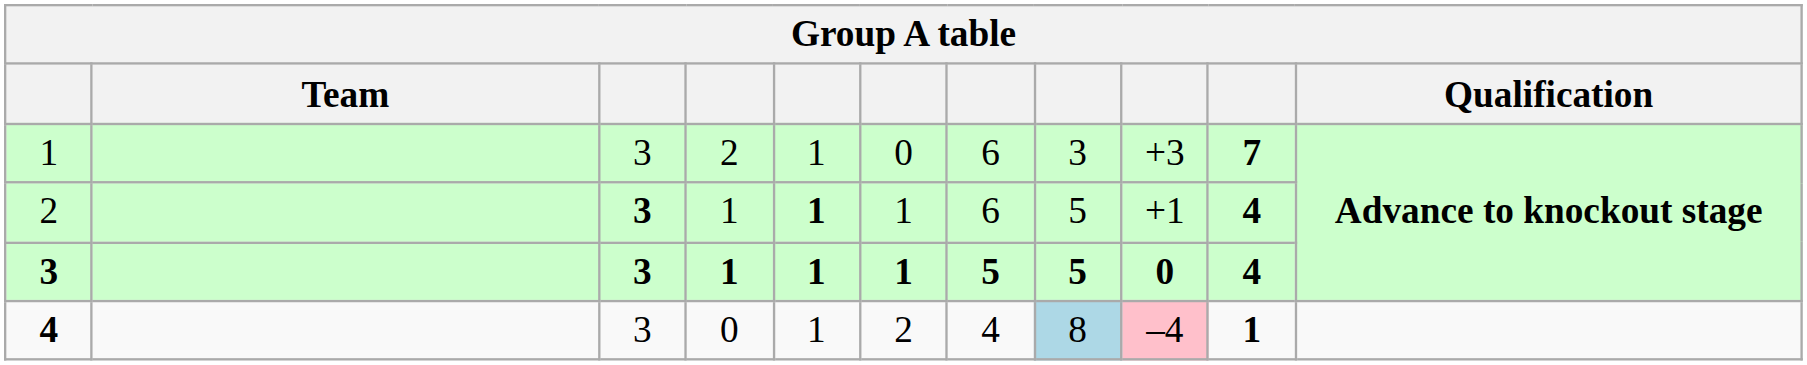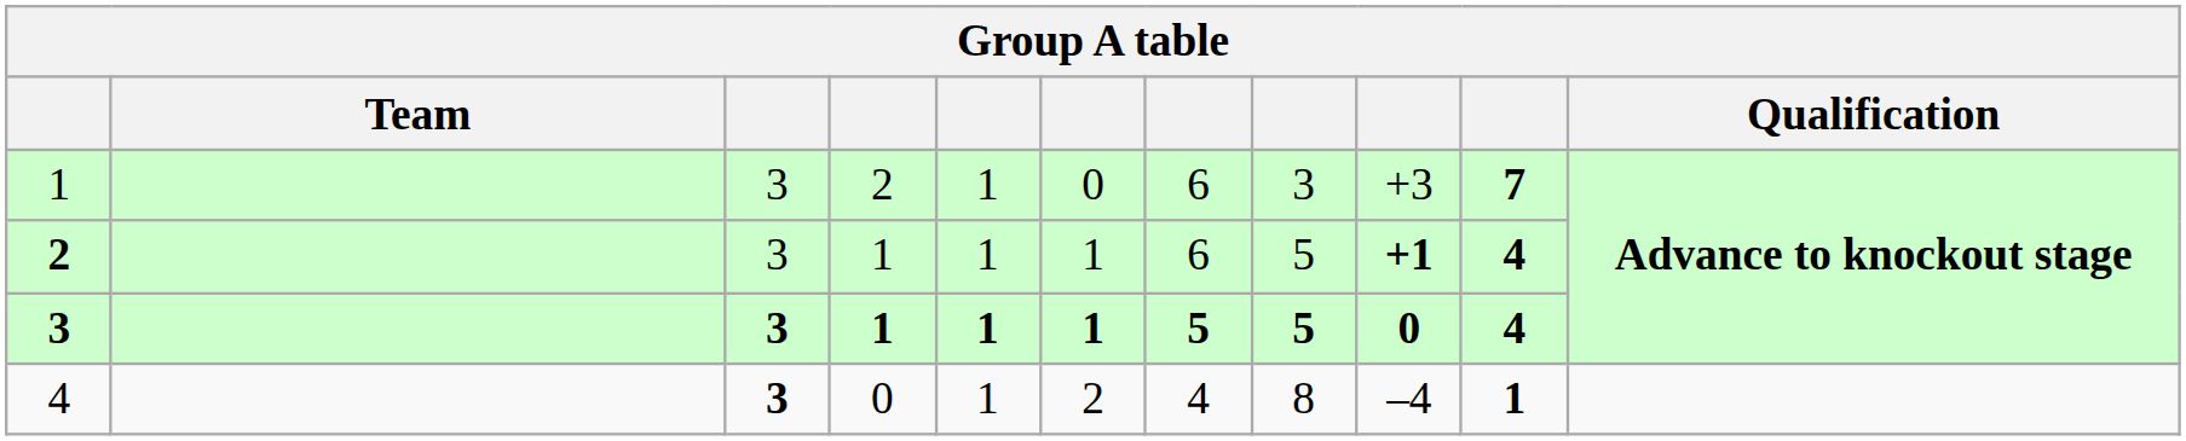 <table class="wikitable" style="text-align: center;">
 <tr>
 <th colspan="11">Group A table</th>
 </tr>
 <tr>
 <th width=30></th>
 <th width="210">Team</th>
 <th width=30></th>
 <th width=30></th>
 <th width=30></th>
 <th width=30></th>
 <th width=30></th>
 <th width=30></th>
 <th width=30></th>
 <th width=30></th>
 <th width=210>Qualification</th>
 </tr>
 <tr bgcolor=#ccffcc>
 <td>1</td>
 <td align="left"></td>
 <td>3</td>
 <td>2</td>
 <td>1</td>
 <td>0</td>
 <td>6</td>
 <td>3</td>
 <td>+3</td>
 <td><strong>7</strong></td>
 <td rowspan="3"><strong>Advance to knockout stage</strong></td>
 </tr>
 <tr bgcolor=#ccffcc>
-<td>2</td>
+<td><strong>2</strong></td>
 <td align="left"></td>
-<td><strong>3</strong></td>
+<td>3</td>
 <td>1</td>
-<td><strong>1</strong></td>
+<td>1</td>
 <td>1</td>
 <td>6</td>
 <td>5</td>
-<td>+1</td>
+<td><strong>+1</strong></td>
 <td><strong>4</strong></td>
 </tr>
 <tr bgcolor=#ccffcc>
 <td><strong>3</strong></td>
 <td align="left"><strong></strong></td>
 <td><strong>3</strong></td>
 <td><strong>1</strong></td>
 <td><strong>1</strong></td>
 <td><strong>1</strong></td>
 <td><strong>5</strong></td>
 <td><strong>5</strong></td>
 <td><strong>0</strong></td>
 <td><strong>4</strong></td>
 </tr>
 <tr>
-<td><strong>4</strong></td>
+<td>4</td>
 <td align="left"></td>
-<td>3</td>
+<td><strong>3</strong></td>
 <td>0</td>
 <td>1</td>
 <td>2</td>
 <td>4</td>
-<td style="background: lightblue;">8</td>
-<td style="background: pink;">–4</td>
+<td>8</td>
+<td>–4</td>
 <td><strong>1</strong></td>
 <td></td>
 </tr>
 </table>
